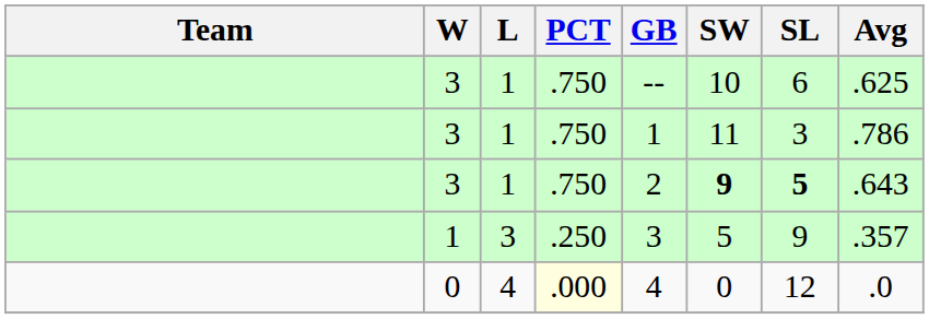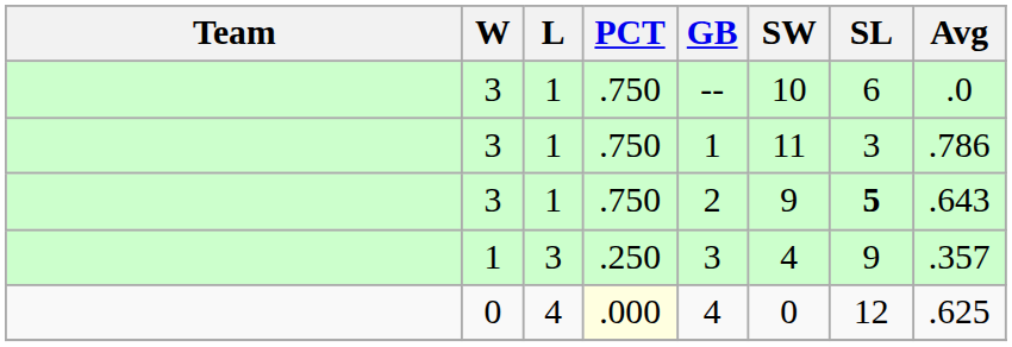 <table class=wikitable style="text-align:center;">
 <tr>
 <th width=200px>Team</th>
 <th width=20px>W</th>
 <th width=20px>L</th>
 <th width=35px><a href='#'>PCT</a></th>
 <th width=25px><a href='#'>GB</a></th>
 <th width=30px>SW</th>
 <th width=30px>SL</th>
 <th width=35px>Avg</th>
 </tr>
 <tr bgcolor="#CCFFCC">
 <td align=left></td>
 <td>3</td>
 <td>1</td>
 <td>.750</td>
 <td>--</td>
 <td>10</td>
 <td>6</td>
-<td>.625</td>
+<td>.0</td>
 </tr>
 <tr bgcolor="#CCFFCC">
 <td align=left></td>
 <td>3</td>
 <td>1</td>
 <td>.750</td>
 <td>1</td>
 <td>11</td>
 <td>3</td>
 <td>.786</td>
 </tr>
 <tr bgcolor="#CCFFCC">
 <td align=left></td>
 <td>3</td>
 <td>1</td>
 <td>.750</td>
 <td>2</td>
-<td><strong>9</strong></td>
+<td>9</td>
 <td><strong>5</strong></td>
 <td>.643</td>
 </tr>
 <tr bgcolor="#CCFFCC">
 <td align=left></td>
 <td>1</td>
 <td>3</td>
 <td>.250</td>
 <td>3</td>
-<td>5</td>
+<td>4</td>
 <td>9</td>
 <td>.357</td>
 </tr>
 <tr>
 <td align=left></td>
 <td>0</td>
 <td>4</td>
 <td style="background: lightyellow;">.000</td>
 <td>4</td>
 <td>0</td>
 <td>12</td>
-<td>.0</td>
+<td>.625</td>
 </tr>
 <tr>
 </tr>
 </table>
